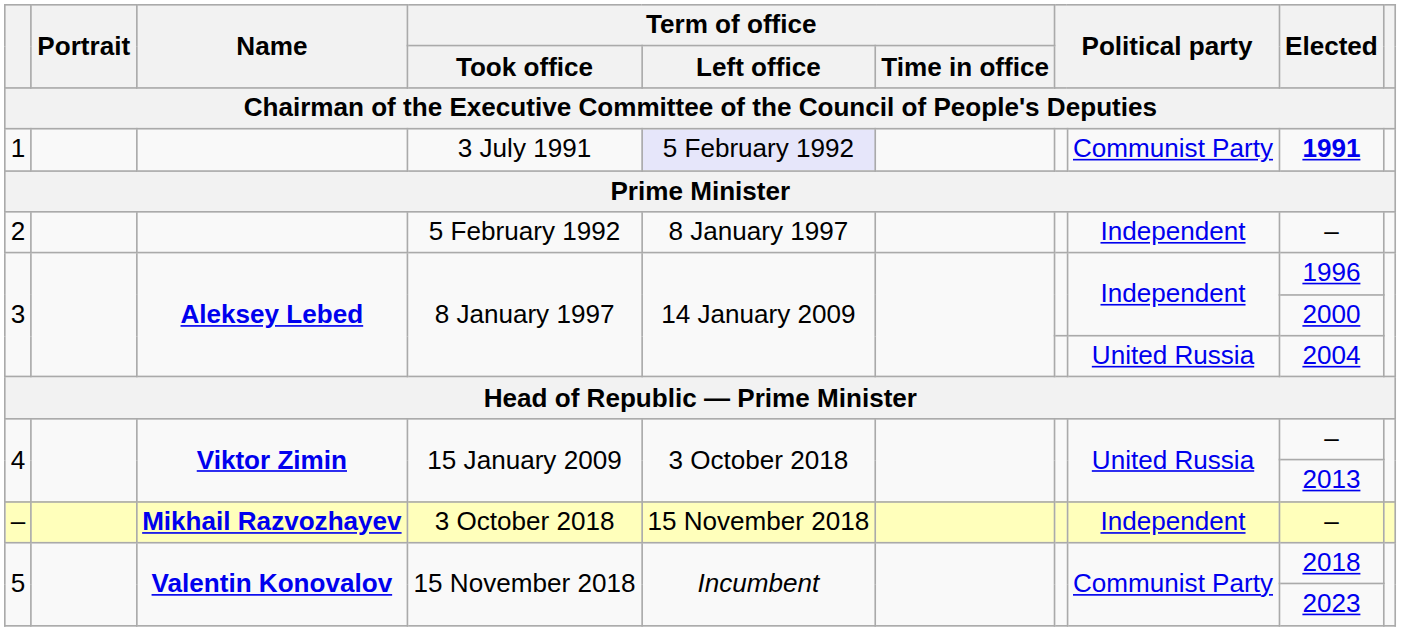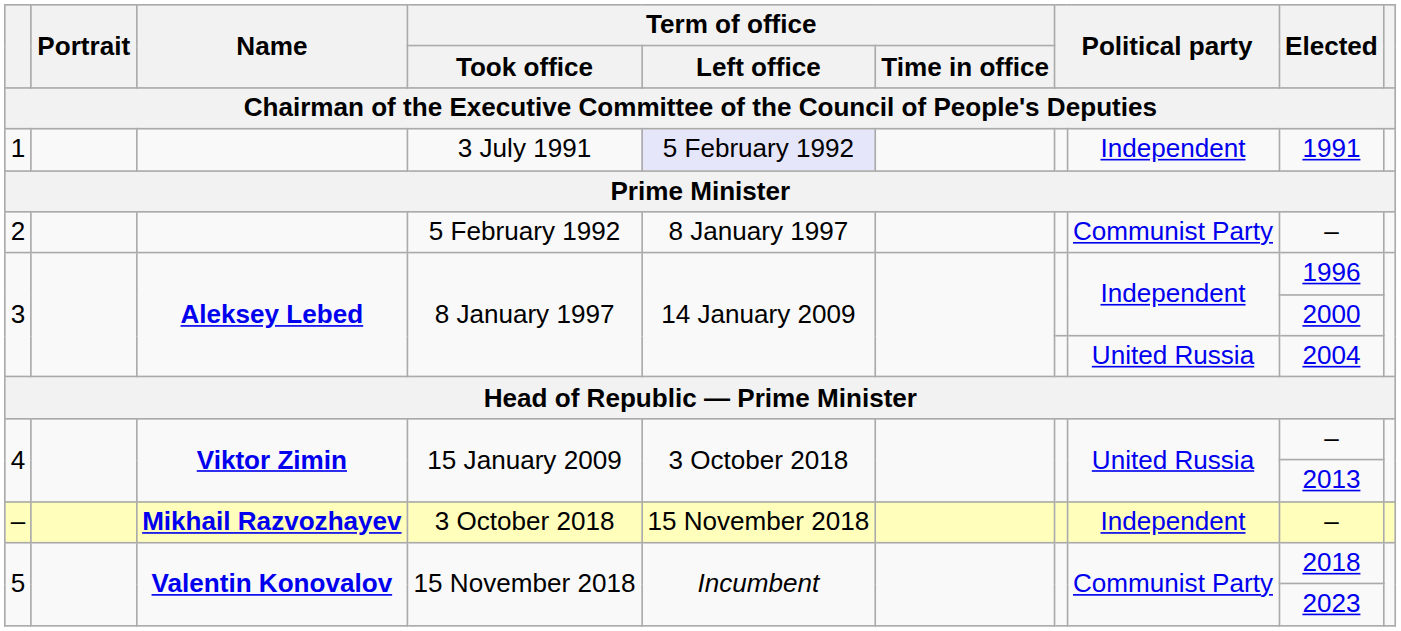 <table class="wikitable" style="text-align:center">
 <tr>
 <th rowspan=2></th>
 <th rowspan=2>Portrait</th>
 <th rowspan=2>Name<br></th>
 <th colspan=3>Term of office</th>
 <th colspan=2 rowspan=2>Political party</th>
 <th rowspan=2>Elected</th>
 <th rowspan=2></th>
 </tr>
 <tr>
 <th>Took office</th>
 <th>Left office</th>
 <th>Time in office</th>
 </tr>
 <tr>
 <th colspan=10>Chairman of the Executive Committee of the Council of People's Deputies</th>
 </tr>
 <tr>
 <td>1</td>
 <td></td>
 <td><strong></strong><br></td>
 <td>3 July 1991</td>
 <td style="background: lavender;">5 February 1992</td>
 <td></td>
 <td style="background: "></td>
-<td><a href='#'>Communist Party</a></td>
-<td><strong><a href='#'>1991</a></strong></td>
+<td><a href='#'>Independent</a></td>
+<td><a href='#'>1991</a></td>
 <td></td>
 </tr>
 <tr>
 <th colspan=10>Prime Minister</th>
 </tr>
 <tr>
 <td>2</td>
 <td></td>
 <td><strong></strong><br></td>
 <td>5 February 1992</td>
 <td>8 January 1997</td>
 <td></td>
 <td style="background: "></td>
-<td><a href='#'>Independent</a></td>
+<td><a href='#'>Communist Party</a></td>
 <td>–</td>
 <td></td>
 </tr>
 <tr>
 <td rowspan=3>3</td>
 <td rowspan=3></td>
 <td rowspan=3><strong><a href='#'>Aleksey Lebed</a></strong><br></td>
 <td rowspan=3>8 January 1997</td>
 <td rowspan=3>14 January 2009</td>
 <td rowspan=3></td>
 <td rowspan=2 style="background: "></td>
 <td rowspan=2><a href='#'>Independent</a></td>
 <td><a href='#'>1996</a></td>
 <td rowspan=3></td>
 </tr>
 <tr>
 <td><a href='#'>2000</a></td>
 </tr>
 <tr>
 <td style="background: "></td>
 <td><a href='#'>United Russia</a></td>
 <td><a href='#'>2004</a></td>
 </tr>
 <tr>
 <th colspan=10>Head of Republic — Prime Minister</th>
 </tr>
 <tr>
 <td rowspan=2>4</td>
 <td rowspan=2></td>
 <td rowspan=2><strong><a href='#'>Viktor Zimin</a></strong><br></td>
 <td rowspan=2>15 January 2009</td>
 <td rowspan=2>3 October 2018</td>
 <td rowspan=2></td>
 <td rowspan=2 style="background: "></td>
 <td rowspan=2><a href='#'>United Russia</a></td>
 <td>–</td>
 <td rowspan=2></td>
 </tr>
 <tr>
 <td><a href='#'>2013</a></td>
 </tr>
 <tr style="background:#FFB;">
 <td>–</td>
 <td></td>
 <td><strong><a href='#'>Mikhail Razvozhayev</a></strong><br></td>
 <td>3 October 2018</td>
 <td>15 November 2018</td>
 <td></td>
 <td style="background: "></td>
 <td><a href='#'>Independent</a></td>
 <td>–</td>
 <td></td>
 </tr>
 <tr>
 <td rowspan=2>5</td>
 <td rowspan=2></td>
 <td rowspan=2><strong><a href='#'>Valentin Konovalov</a></strong><br></td>
 <td rowspan=2>15 November 2018</td>
 <td rowspan=2><em>Incumbent</em></td>
 <td rowspan=2></td>
 <td rowspan=2 style="background: "></td>
 <td rowspan=2><a href='#'>Communist Party</a></td>
 <td><a href='#'>2018</a></td>
 <td rowspan=2></td>
 </tr>
 <tr>
 <td><a href='#'>2023</a></td>
 </tr>
 </table>
